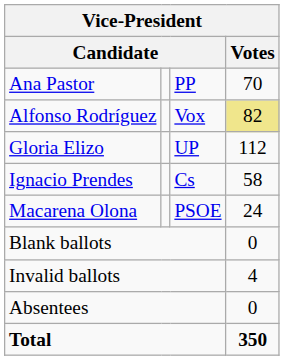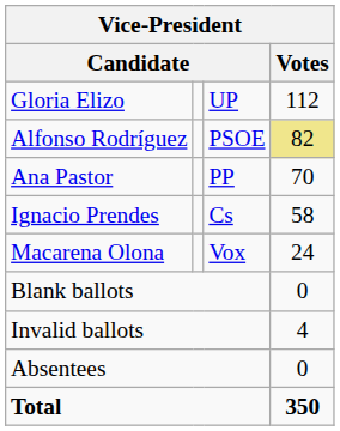 <table class="wikitable" style="font-size:95%; text-align:center;">
 <tr>
 <th colspan="4">Vice-President</th>
 </tr>
 <tr>
 <th colspan="3">Candidate</th>
 <th>Votes</th>
 </tr>
 <tr>
+<td align="left"> <a href='#'>Gloria Elizo</a></td>
+<td style="background:"></td>
+<td align="left"><a href='#'>UP</a></td>
+<td>112</td>
+</tr>
+<tr>
+<td align="left"> <a href='#'>Alfonso Rodríguez</a></td>
+<td style="background:"></td>
+<td align="left"><a href='#'>PSOE</a></td>
+<td style="background: khaki;">82</td>
+</tr>
+<tr>
 <td align="left"> <a href='#'>Ana Pastor</a></td>
 <td style="background:"></td>
 <td align="left"><a href='#'>PP</a></td>
 <td>70</td>
-</tr>
-<tr>
-<td align="left"> <a href='#'>Alfonso Rodríguez</a></td>
-<td style="background:"></td>
-<td align="left"><a href='#'>Vox</a></td>
-<td style="background: khaki;">82</td>
-</tr>
-<tr>
-<td align="left"> <a href='#'>Gloria Elizo</a></td>
-<td style="background:"></td>
-<td align="left"><a href='#'>UP</a></td>
-<td>112</td>
 </tr>
 <tr>
 <td align="left"> <a href='#'>Ignacio Prendes</a></td>
 <td style="background:"></td>
 <td align="left"><a href='#'>Cs</a></td>
 <td>58</td>
 </tr>
 <tr>
 <td align="left"> <a href='#'>Macarena Olona</a></td>
 <td style="background:"></td>
-<td align="left"><a href='#'>PSOE</a></td>
+<td align="left"><a href='#'>Vox</a></td>
 <td>24</td>
 </tr>
 <tr>
 <td align=left colspan="3">Blank ballots</td>
 <td>0</td>
 </tr>
 <tr>
 <td align=left colspan="3">Invalid ballots</td>
 <td>4</td>
 </tr>
 <tr>
 <td align=left colspan="3">Absentees</td>
 <td>0</td>
 </tr>
 <tr style="font-weight:bold">
 <td align=left colspan="3">Total</td>
 <td>350</td>
 </tr>
 </table>
